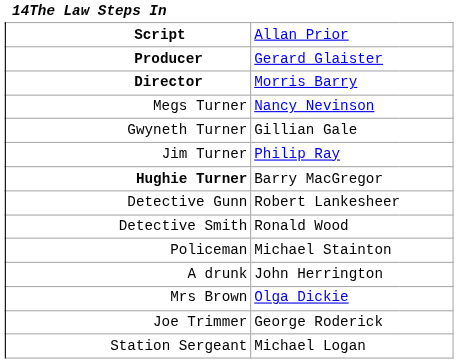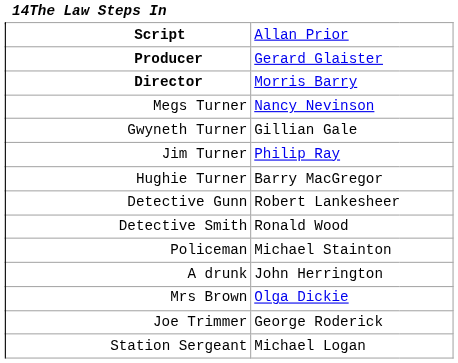 <table class="wikitable mw-collapsible mw-collapsed" style="vertical-align:top;margin:auto 2em;line-height:1.2;min-width:33em;display: inline-table;background-color:inherit;border:none;">
 <tr>
 <td class=unsortable style="border:hidden;line-height:1.67;text-align:center;margin-left:-1em;padding-left:0.5em;min-width:1.0em;"></td>
 <td class=unsortable style="border:none;padding-left:0.5em;text-align:left;min-width:16.5em;font-weight:700;font-style:italic;">14The Law Steps In</td>
 <td class=unsortable style="border:none;text-align:right;font-weight:normal;font-family:Courier;font-size:95%;letter-spacing:-1pt;min-width:8.5em;padding-right:0.2em;"></td>
 <td class=unsortable style="border:hidden;min-width:3.5em;padding-left:0;"></td>
 <td class=unsortable style="border:hidden;min-width:3.5em;font-size:95%;"></td>
 </tr>
 <tr>
 <td rowspan=100 style="border:none thin;border-right-style :solid;"></td>
 </tr>
 <tr>
 <td style="text-align:left;padding-left:9.0em;font-weight:bold;">Script</td>
 <td colspan=2><a href='#'>Allan Prior</a></td>
 </tr>
 <tr>
 <td style="text-align:left;padding-left:9.0em;font-weight:bold;">Producer</td>
 <td colspan=2><a href='#'>Gerard Glaister</a></td>
 </tr>
 <tr>
 <td style="text-align:left;padding-left:9.0em;font-weight:bold;">Director</td>
 <td colspan=2><a href='#'>Morris Barry</a></td>
 </tr>
 <tr>
 <td style="text-align:right;">Megs Turner</td>
 <td colspan=2><a href='#'>Nancy Nevinson</a></td>
 </tr>
 <tr>
 <td style="text-align:right;">Gwyneth Turner</td>
 <td colspan=2>Gillian Gale</td>
 </tr>
 <tr>
 <td style="text-align:right;">Jim Turner</td>
 <td colspan=2><a href='#'>Philip Ray</a></td>
 </tr>
 <tr>
-<td style="text-align:right;"><strong>Hughie Turner</strong></td>
+<td style="text-align:right;">Hughie Turner</td>
 <td colspan=2>Barry MacGregor</td>
 </tr>
 <tr>
 <td style="text-align:right;">Detective Gunn</td>
 <td colspan=2>Robert Lankesheer</td>
 </tr>
 <tr>
 <td style="text-align:right;">Detective Smith</td>
 <td colspan=2>Ronald Wood</td>
 </tr>
 <tr>
 <td style="text-align:right;">Policeman</td>
 <td colspan=2>Michael Stainton</td>
 </tr>
 <tr>
 <td style="text-align:right;">A drunk</td>
 <td colspan=2>John Herrington</td>
 </tr>
 <tr>
 <td style="text-align:right;">Mrs Brown</td>
 <td colspan=2><a href='#'>Olga Dickie</a></td>
 </tr>
 <tr>
 <td style="text-align:right;">Joe Trimmer</td>
 <td colspan=2>George Roderick</td>
 </tr>
 <tr>
 <td style="text-align:right;">Station Sergeant</td>
 <td colspan=2>Michael Logan</td>
 </tr>
 </table>
